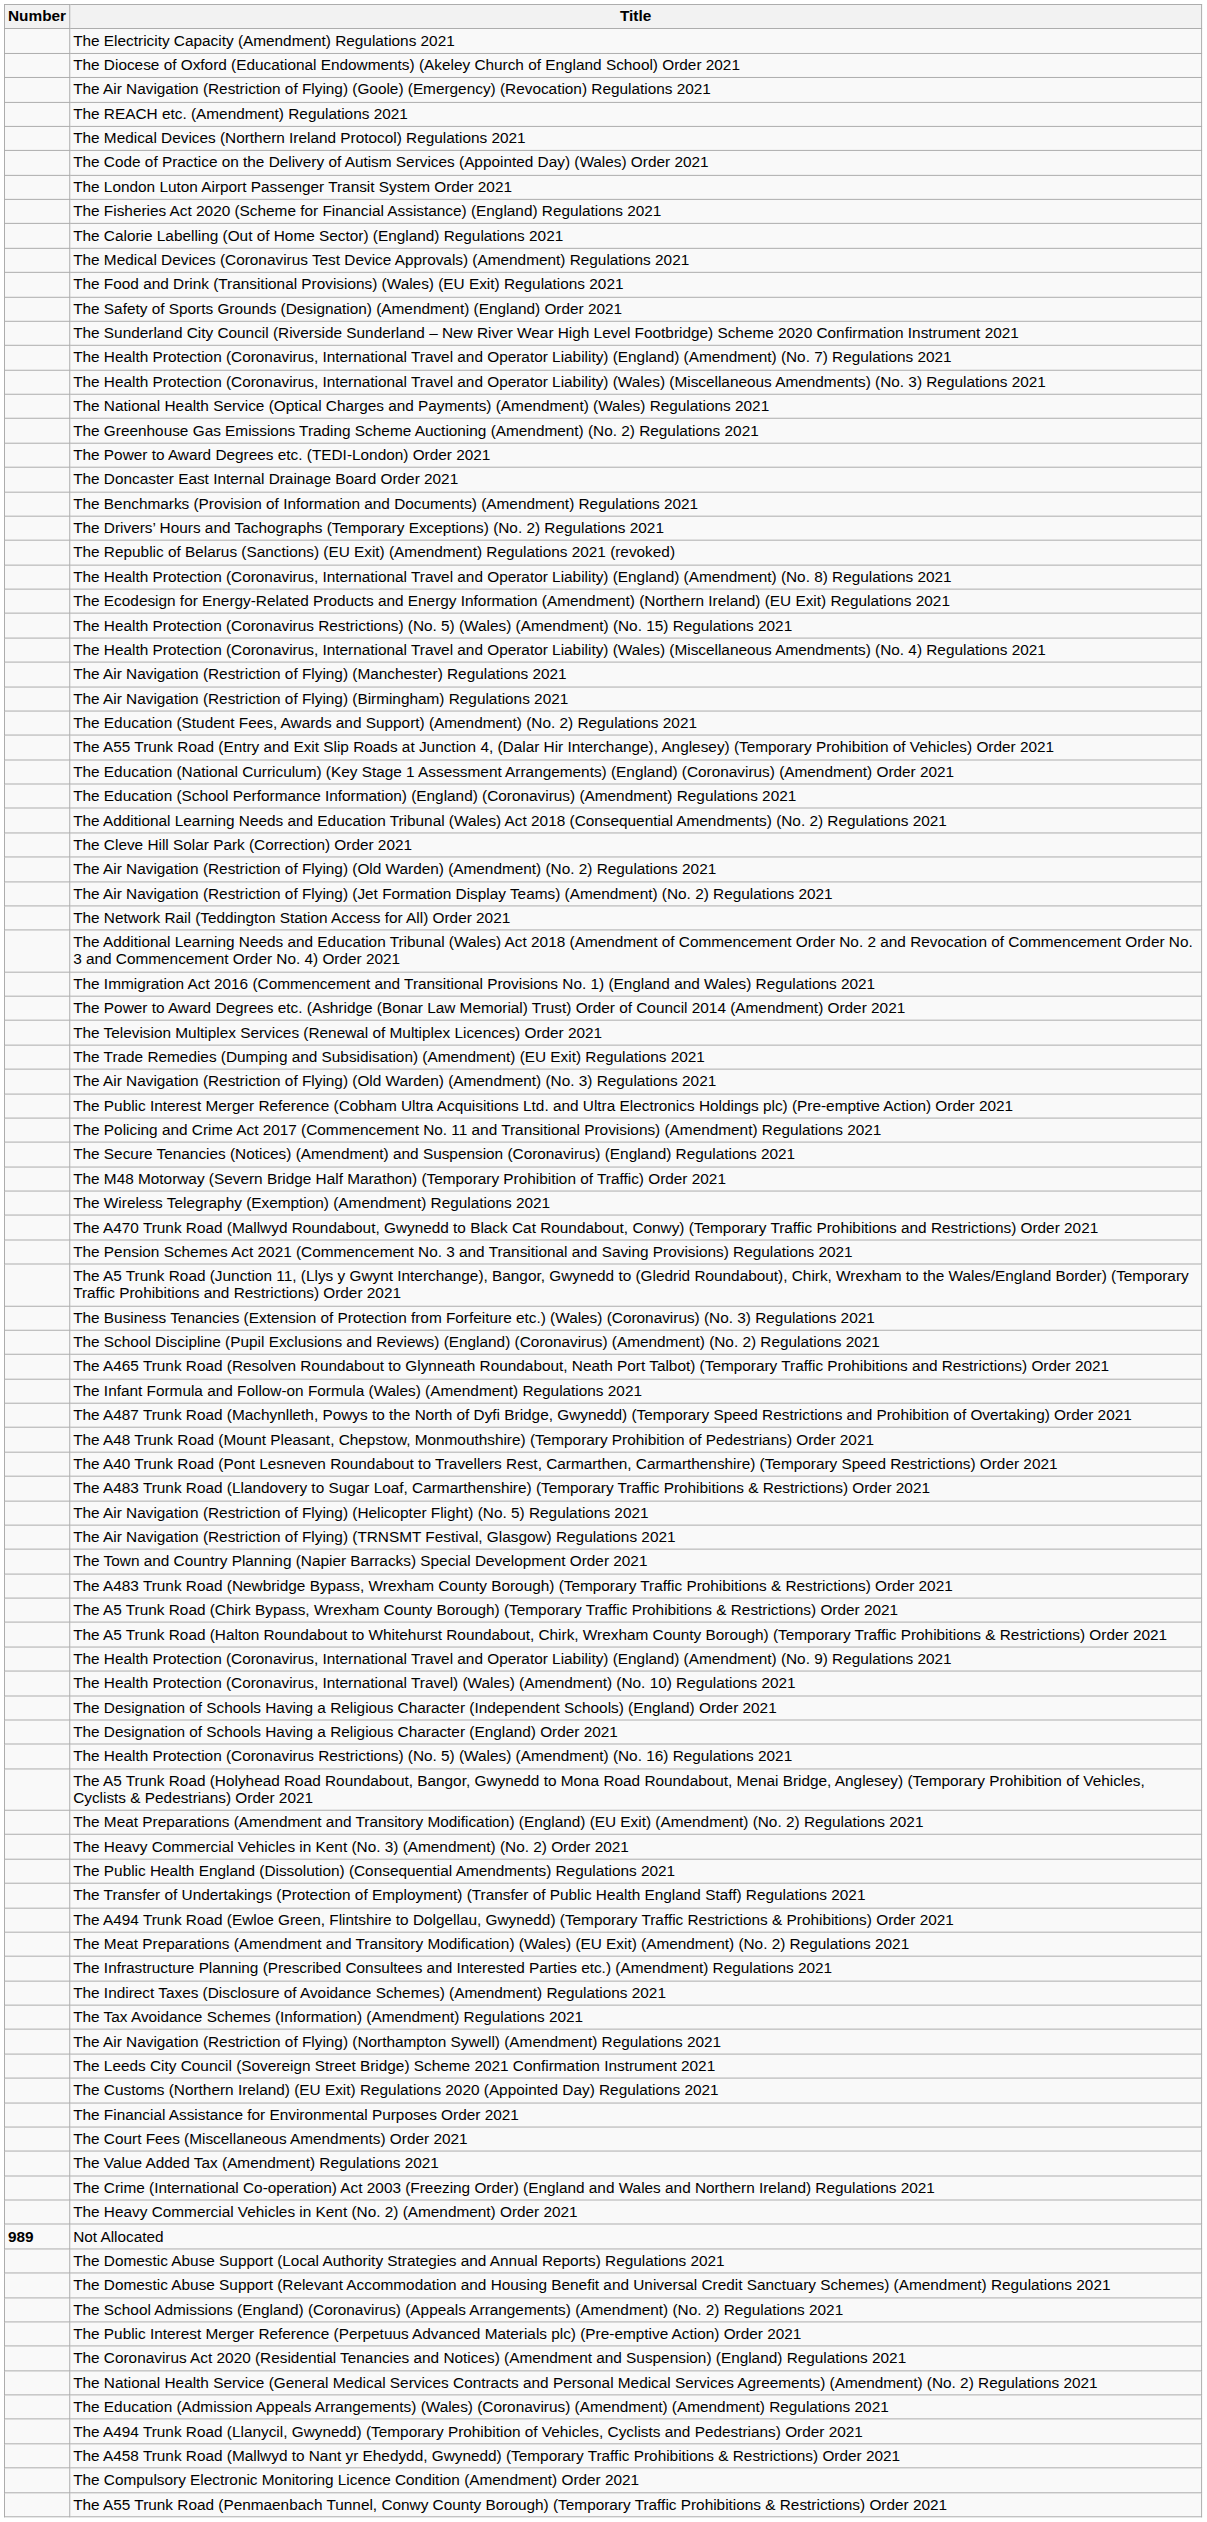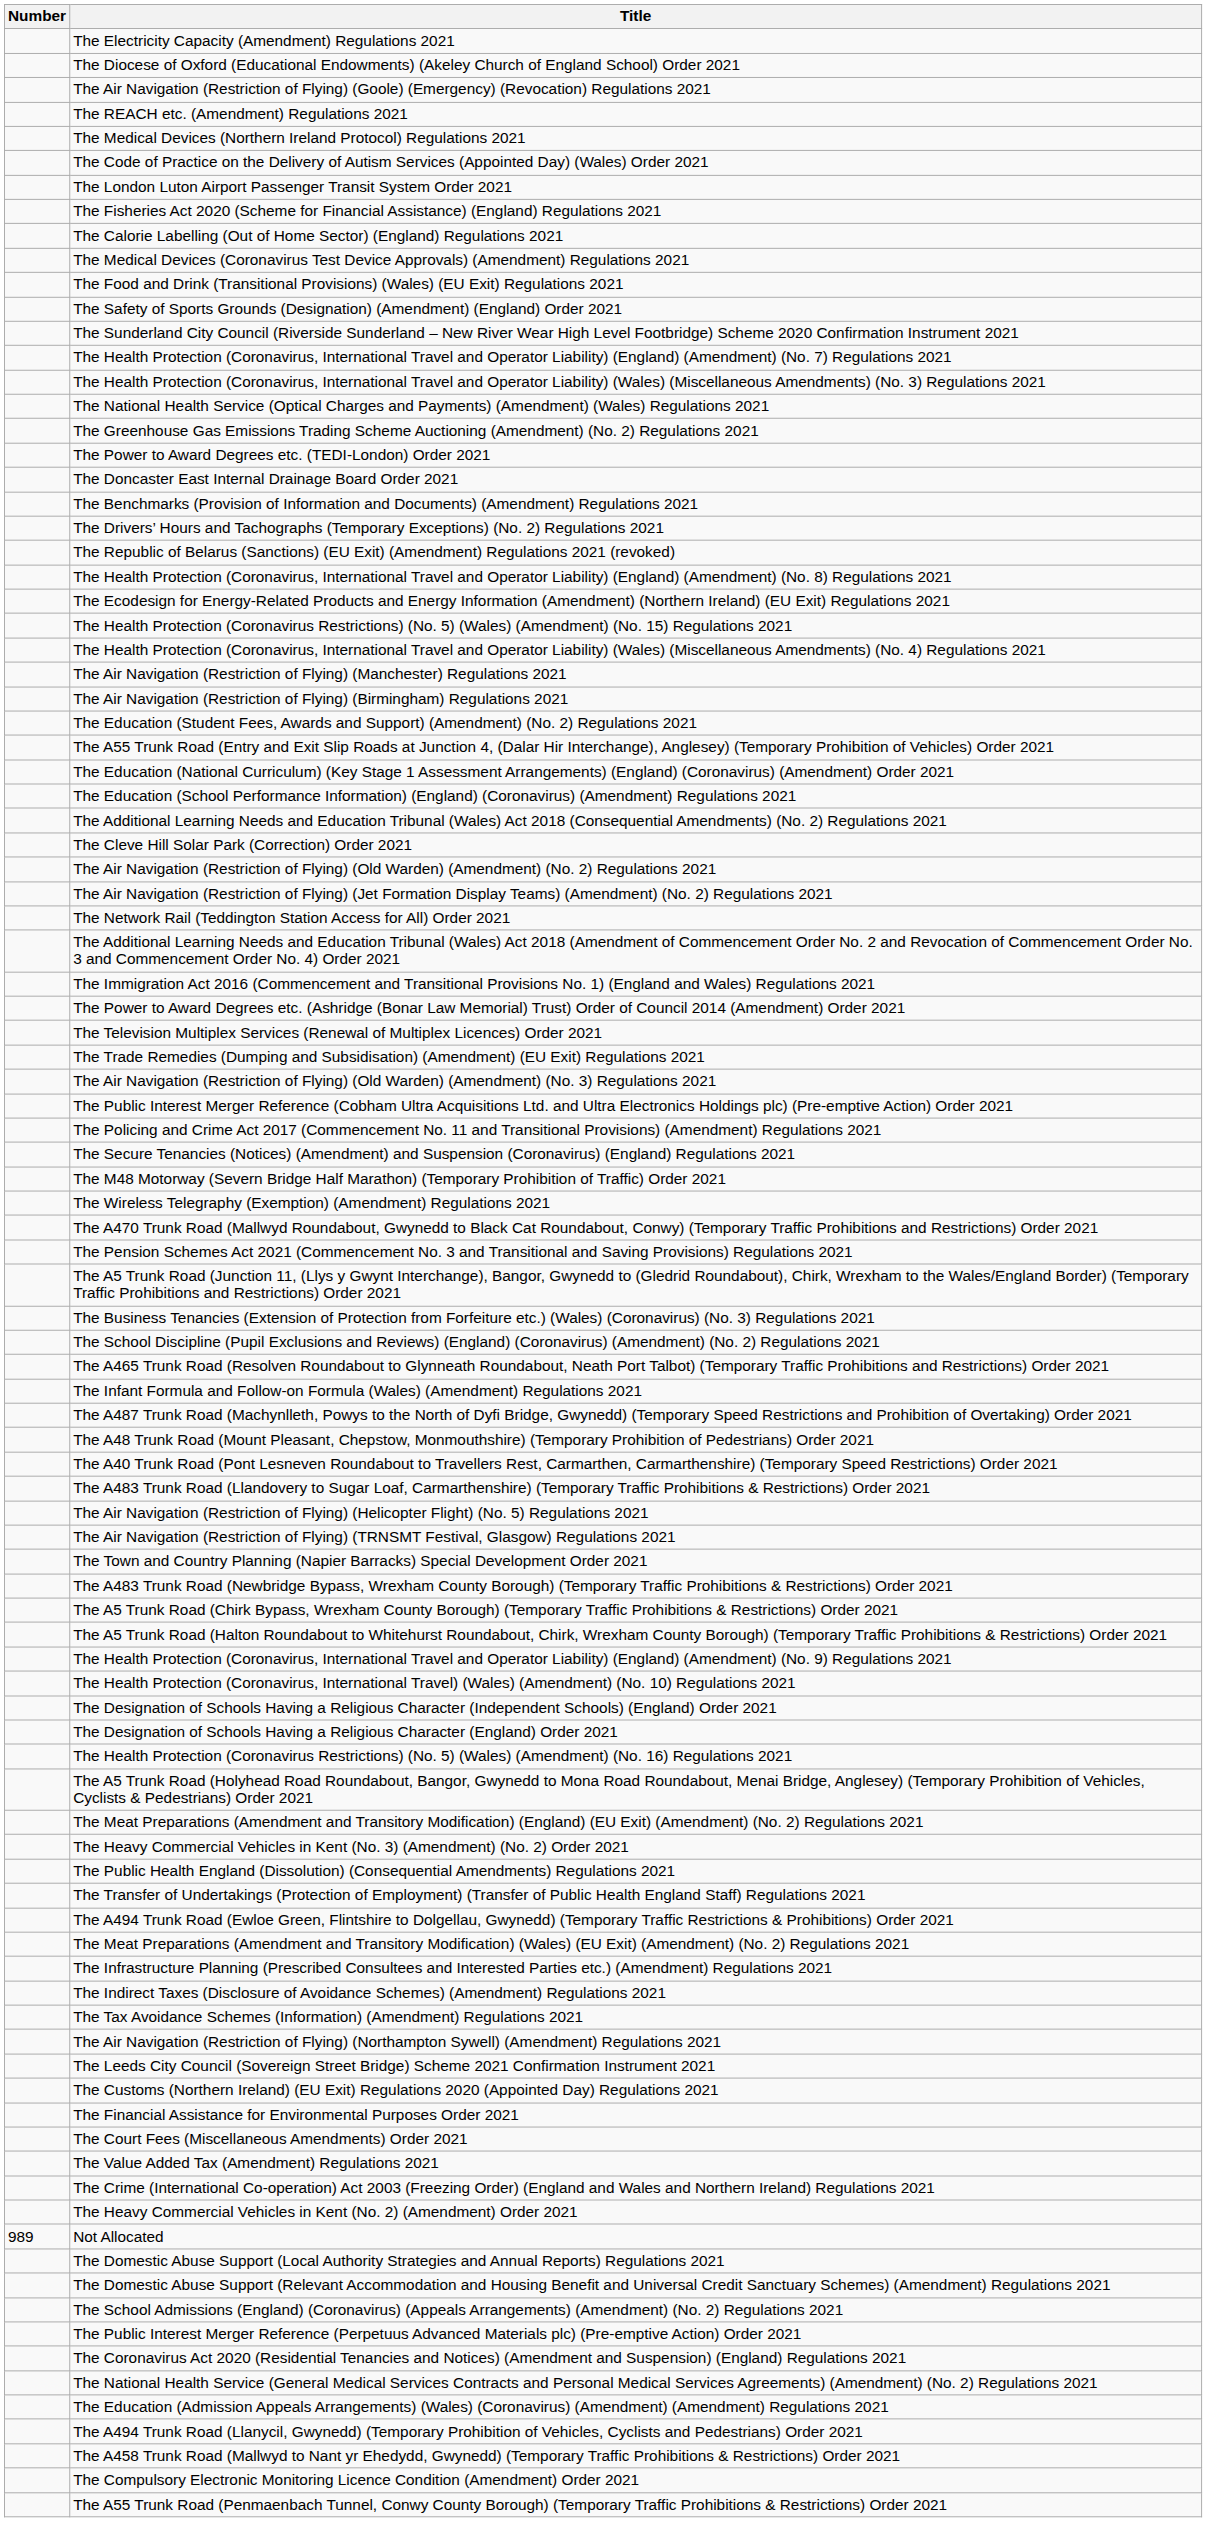 <table class="wikitable collapsible">
 <tr>
 <th>Number</th>
 <th>Title</th>
 </tr>
 <tr>
 <td></td>
 <td>The Electricity Capacity (Amendment) Regulations 2021</td>
 </tr>
 <tr>
 <td></td>
 <td>The Diocese of Oxford (Educational Endowments) (Akeley Church of England School) Order 2021</td>
 </tr>
 <tr>
 <td></td>
 <td>The Air Navigation (Restriction of Flying) (Goole) (Emergency) (Revocation) Regulations 2021</td>
 </tr>
 <tr>
 <td></td>
 <td>The REACH etc. (Amendment) Regulations 2021</td>
 </tr>
 <tr>
 <td></td>
 <td>The Medical Devices (Northern Ireland Protocol) Regulations 2021</td>
 </tr>
 <tr>
 <td></td>
 <td>The Code of Practice on the Delivery of Autism Services (Appointed Day) (Wales) Order 2021</td>
 </tr>
 <tr>
 <td></td>
 <td>The London Luton Airport Passenger Transit System Order 2021</td>
 </tr>
 <tr>
 <td></td>
 <td>The Fisheries Act 2020 (Scheme for Financial Assistance) (England) Regulations 2021</td>
 </tr>
 <tr>
 <td></td>
 <td>The Calorie Labelling (Out of Home Sector) (England) Regulations 2021</td>
 </tr>
 <tr>
 <td></td>
 <td>The Medical Devices (Coronavirus Test Device Approvals) (Amendment) Regulations 2021</td>
 </tr>
 <tr>
 <td></td>
 <td>The Food and Drink (Transitional Provisions) (Wales) (EU Exit) Regulations 2021</td>
 </tr>
 <tr>
 <td></td>
 <td>The Safety of Sports Grounds (Designation) (Amendment) (England) Order 2021</td>
 </tr>
 <tr>
 <td></td>
 <td>The Sunderland City Council (Riverside Sunderland – New River Wear High Level Footbridge) Scheme 2020 Confirmation Instrument 2021</td>
 </tr>
 <tr>
 <td></td>
 <td>The Health Protection (Coronavirus, International Travel and Operator Liability) (England) (Amendment) (No. 7) Regulations 2021</td>
 </tr>
 <tr>
 <td></td>
 <td>The Health Protection (Coronavirus, International Travel and Operator Liability) (Wales) (Miscellaneous Amendments) (No. 3) Regulations 2021</td>
 </tr>
 <tr>
 <td></td>
 <td>The National Health Service (Optical Charges and Payments) (Amendment) (Wales) Regulations 2021</td>
 </tr>
 <tr>
 <td></td>
 <td>The Greenhouse Gas Emissions Trading Scheme Auctioning (Amendment) (No. 2) Regulations 2021</td>
 </tr>
 <tr>
 <td></td>
 <td>The Power to Award Degrees etc. (TEDI-London) Order 2021</td>
 </tr>
 <tr>
 <td></td>
 <td>The Doncaster East Internal Drainage Board Order 2021</td>
 </tr>
 <tr>
 <td></td>
 <td>The Benchmarks (Provision of Information and Documents) (Amendment) Regulations 2021</td>
 </tr>
 <tr>
 <td></td>
 <td>The Drivers’ Hours and Tachographs (Temporary Exceptions) (No. 2) Regulations 2021</td>
 </tr>
 <tr>
 <td></td>
 <td>The Republic of Belarus (Sanctions) (EU Exit) (Amendment) Regulations 2021 (revoked)</td>
 </tr>
 <tr>
 <td></td>
 <td>The Health Protection (Coronavirus, International Travel and Operator Liability) (England) (Amendment) (No. 8) Regulations 2021</td>
 </tr>
 <tr>
 <td></td>
 <td>The Ecodesign for Energy-Related Products and Energy Information (Amendment) (Northern Ireland) (EU Exit) Regulations 2021</td>
 </tr>
 <tr>
 <td></td>
 <td>The Health Protection (Coronavirus Restrictions) (No. 5) (Wales) (Amendment) (No. 15) Regulations 2021</td>
 </tr>
 <tr>
 <td></td>
 <td>The Health Protection (Coronavirus, International Travel and Operator Liability) (Wales) (Miscellaneous Amendments) (No. 4) Regulations 2021</td>
 </tr>
 <tr>
 <td></td>
 <td>The Air Navigation (Restriction of Flying) (Manchester) Regulations 2021</td>
 </tr>
 <tr>
 <td></td>
 <td>The Air Navigation (Restriction of Flying) (Birmingham) Regulations 2021</td>
 </tr>
 <tr>
 <td></td>
 <td>The Education (Student Fees, Awards and Support) (Amendment) (No. 2) Regulations 2021</td>
 </tr>
 <tr>
 <td></td>
 <td>The A55 Trunk Road (Entry and Exit Slip Roads at Junction 4, (Dalar Hir Interchange), Anglesey) (Temporary Prohibition of Vehicles) Order 2021</td>
 </tr>
 <tr>
 <td></td>
 <td>The Education (National Curriculum) (Key Stage 1 Assessment Arrangements) (England) (Coronavirus) (Amendment) Order 2021</td>
 </tr>
 <tr>
 <td></td>
 <td>The Education (School Performance Information) (England) (Coronavirus) (Amendment) Regulations 2021</td>
 </tr>
 <tr>
 <td></td>
 <td>The Additional Learning Needs and Education Tribunal (Wales) Act 2018 (Consequential Amendments) (No. 2) Regulations 2021</td>
 </tr>
 <tr>
 <td></td>
 <td>The Cleve Hill Solar Park (Correction) Order 2021</td>
 </tr>
 <tr>
 <td></td>
 <td>The Air Navigation (Restriction of Flying) (Old Warden) (Amendment) (No. 2) Regulations 2021</td>
 </tr>
 <tr>
 <td></td>
 <td>The Air Navigation (Restriction of Flying) (Jet Formation Display Teams) (Amendment) (No. 2) Regulations 2021</td>
 </tr>
 <tr>
 <td></td>
 <td>The Network Rail (Teddington Station Access for All) Order 2021</td>
 </tr>
 <tr>
 <td></td>
 <td>The Additional Learning Needs and Education Tribunal (Wales) Act 2018 (Amendment of Commencement Order No. 2 and Revocation of Commencement Order No. 3 and Commencement Order No. 4) Order 2021</td>
 </tr>
 <tr>
 <td></td>
 <td>The Immigration Act 2016 (Commencement and Transitional Provisions No. 1) (England and Wales) Regulations 2021</td>
 </tr>
 <tr>
 <td></td>
 <td>The Power to Award Degrees etc. (Ashridge (Bonar Law Memorial) Trust) Order of Council 2014 (Amendment) Order 2021</td>
 </tr>
 <tr>
 <td></td>
 <td>The Television Multiplex Services (Renewal of Multiplex Licences) Order 2021</td>
 </tr>
 <tr>
 <td></td>
 <td>The Trade Remedies (Dumping and Subsidisation) (Amendment) (EU Exit) Regulations 2021</td>
 </tr>
 <tr>
 <td></td>
 <td>The Air Navigation (Restriction of Flying) (Old Warden) (Amendment) (No. 3) Regulations 2021</td>
 </tr>
 <tr>
 <td></td>
 <td>The Public Interest Merger Reference (Cobham Ultra Acquisitions Ltd. and Ultra Electronics Holdings plc) (Pre-emptive Action) Order 2021</td>
 </tr>
 <tr>
 <td></td>
 <td>The Policing and Crime Act 2017 (Commencement No. 11 and Transitional Provisions) (Amendment) Regulations 2021</td>
 </tr>
 <tr>
 <td></td>
 <td>The Secure Tenancies (Notices) (Amendment) and Suspension (Coronavirus) (England) Regulations 2021</td>
 </tr>
 <tr>
 <td></td>
 <td>The M48 Motorway (Severn Bridge Half Marathon) (Temporary Prohibition of Traffic) Order 2021</td>
 </tr>
 <tr>
 <td></td>
 <td>The Wireless Telegraphy (Exemption) (Amendment) Regulations 2021</td>
 </tr>
 <tr>
 <td></td>
 <td>The A470 Trunk Road (Mallwyd Roundabout, Gwynedd to Black Cat Roundabout, Conwy) (Temporary Traffic Prohibitions and Restrictions) Order 2021</td>
 </tr>
 <tr>
 <td></td>
 <td>The Pension Schemes Act 2021 (Commencement No. 3 and Transitional and Saving Provisions) Regulations 2021</td>
 </tr>
 <tr>
 <td></td>
 <td>The A5 Trunk Road (Junction 11, (Llys y Gwynt Interchange), Bangor, Gwynedd to (Gledrid Roundabout), Chirk, Wrexham to the Wales/England Border) (Temporary Traffic Prohibitions and Restrictions) Order 2021</td>
 </tr>
 <tr>
 <td></td>
 <td>The Business Tenancies (Extension of Protection from Forfeiture etc.) (Wales) (Coronavirus) (No. 3) Regulations 2021</td>
 </tr>
 <tr>
 <td></td>
 <td>The School Discipline (Pupil Exclusions and Reviews) (England) (Coronavirus) (Amendment) (No. 2) Regulations 2021</td>
 </tr>
 <tr>
 <td></td>
 <td>The A465 Trunk Road (Resolven Roundabout to Glynneath Roundabout, Neath Port Talbot) (Temporary Traffic Prohibitions and Restrictions) Order 2021</td>
 </tr>
 <tr>
 <td></td>
 <td>The Infant Formula and Follow-on Formula (Wales) (Amendment) Regulations 2021</td>
 </tr>
 <tr>
 <td></td>
 <td>The A487 Trunk Road (Machynlleth, Powys to the North of Dyfi Bridge, Gwynedd) (Temporary Speed Restrictions and Prohibition of Overtaking) Order 2021</td>
 </tr>
 <tr>
 <td></td>
 <td>The A48 Trunk Road (Mount Pleasant, Chepstow, Monmouthshire) (Temporary Prohibition of Pedestrians) Order 2021</td>
 </tr>
 <tr>
 <td></td>
 <td>The A40 Trunk Road (Pont Lesneven Roundabout to Travellers Rest, Carmarthen, Carmarthenshire) (Temporary Speed Restrictions) Order 2021</td>
 </tr>
 <tr>
 <td></td>
 <td>The A483 Trunk Road (Llandovery to Sugar Loaf, Carmarthenshire) (Temporary Traffic Prohibitions & Restrictions) Order 2021</td>
 </tr>
 <tr>
 <td></td>
 <td>The Air Navigation (Restriction of Flying) (Helicopter Flight) (No. 5) Regulations 2021</td>
 </tr>
 <tr>
 <td></td>
 <td>The Air Navigation (Restriction of Flying) (TRNSMT Festival, Glasgow) Regulations 2021</td>
 </tr>
 <tr>
 <td></td>
 <td>The Town and Country Planning (Napier Barracks) Special Development Order 2021</td>
 </tr>
 <tr>
 <td></td>
 <td>The A483 Trunk Road (Newbridge Bypass, Wrexham County Borough) (Temporary Traffic Prohibitions & Restrictions) Order 2021</td>
 </tr>
 <tr>
 <td></td>
 <td>The A5 Trunk Road (Chirk Bypass, Wrexham County Borough) (Temporary Traffic Prohibitions & Restrictions) Order 2021</td>
 </tr>
 <tr>
 <td></td>
 <td>The A5 Trunk Road (Halton Roundabout to Whitehurst Roundabout, Chirk, Wrexham County Borough) (Temporary Traffic Prohibitions & Restrictions) Order 2021</td>
 </tr>
 <tr>
 <td></td>
 <td>The Health Protection (Coronavirus, International Travel and Operator Liability) (England) (Amendment) (No. 9) Regulations 2021</td>
 </tr>
 <tr>
 <td></td>
 <td>The Health Protection (Coronavirus, International Travel) (Wales) (Amendment) (No. 10) Regulations 2021</td>
 </tr>
 <tr>
 <td></td>
 <td>The Designation of Schools Having a Religious Character (Independent Schools) (England) Order 2021</td>
 </tr>
 <tr>
 <td></td>
 <td>The Designation of Schools Having a Religious Character (England) Order 2021</td>
 </tr>
 <tr>
 <td></td>
 <td>The Health Protection (Coronavirus Restrictions) (No. 5) (Wales) (Amendment) (No. 16) Regulations 2021</td>
 </tr>
 <tr>
 <td></td>
 <td>The A5 Trunk Road (Holyhead Road Roundabout, Bangor, Gwynedd to Mona Road Roundabout, Menai Bridge, Anglesey) (Temporary Prohibition of Vehicles, Cyclists & Pedestrians) Order 2021</td>
 </tr>
 <tr>
 <td></td>
 <td>The Meat Preparations (Amendment and Transitory Modification) (England) (EU Exit) (Amendment) (No. 2) Regulations 2021</td>
 </tr>
 <tr>
 <td></td>
 <td>The Heavy Commercial Vehicles in Kent (No. 3) (Amendment) (No. 2) Order 2021</td>
 </tr>
 <tr>
 <td></td>
 <td>The Public Health England (Dissolution) (Consequential Amendments) Regulations 2021</td>
 </tr>
 <tr>
 <td></td>
 <td>The Transfer of Undertakings (Protection of Employment) (Transfer of Public Health England Staff) Regulations 2021</td>
 </tr>
 <tr>
 <td></td>
 <td>The A494 Trunk Road (Ewloe Green, Flintshire to Dolgellau, Gwynedd) (Temporary Traffic Restrictions & Prohibitions) Order 2021</td>
 </tr>
 <tr>
 <td></td>
 <td>The Meat Preparations (Amendment and Transitory Modification) (Wales) (EU Exit) (Amendment) (No. 2) Regulations 2021</td>
 </tr>
 <tr>
 <td></td>
 <td>The Infrastructure Planning (Prescribed Consultees and Interested Parties etc.) (Amendment) Regulations 2021</td>
 </tr>
 <tr>
 <td></td>
 <td>The Indirect Taxes (Disclosure of Avoidance Schemes) (Amendment) Regulations 2021</td>
 </tr>
 <tr>
 <td></td>
 <td>The Tax Avoidance Schemes (Information) (Amendment) Regulations 2021</td>
 </tr>
 <tr>
 <td></td>
 <td>The Air Navigation (Restriction of Flying) (Northampton Sywell) (Amendment) Regulations 2021</td>
 </tr>
 <tr>
 <td></td>
 <td>The Leeds City Council (Sovereign Street Bridge) Scheme 2021 Confirmation Instrument 2021</td>
 </tr>
 <tr>
 <td></td>
 <td>The Customs (Northern Ireland) (EU Exit) Regulations 2020 (Appointed Day) Regulations 2021</td>
 </tr>
 <tr>
 <td></td>
 <td>The Financial Assistance for Environmental Purposes Order 2021</td>
 </tr>
 <tr>
 <td></td>
 <td>The Court Fees (Miscellaneous Amendments) Order 2021</td>
 </tr>
 <tr>
 <td></td>
 <td>The Value Added Tax (Amendment) Regulations 2021</td>
 </tr>
 <tr>
 <td></td>
 <td>The Crime (International Co-operation) Act 2003 (Freezing Order) (England and Wales and Northern Ireland) Regulations 2021</td>
 </tr>
 <tr>
 <td></td>
 <td>The Heavy Commercial Vehicles in Kent (No. 2) (Amendment) Order 2021</td>
 </tr>
 <tr>
-<td><strong>989</strong></td>
+<td>989</td>
 <td>Not Allocated</td>
 </tr>
 <tr>
 <td></td>
 <td>The Domestic Abuse Support (Local Authority Strategies and Annual Reports) Regulations 2021</td>
 </tr>
 <tr>
 <td></td>
 <td>The Domestic Abuse Support (Relevant Accommodation and Housing Benefit and Universal Credit Sanctuary Schemes) (Amendment) Regulations 2021</td>
 </tr>
 <tr>
 <td></td>
 <td>The School Admissions (England) (Coronavirus) (Appeals Arrangements) (Amendment) (No. 2) Regulations 2021</td>
 </tr>
 <tr>
 <td></td>
 <td>The Public Interest Merger Reference (Perpetuus Advanced Materials plc) (Pre-emptive Action) Order 2021</td>
 </tr>
 <tr>
 <td></td>
 <td>The Coronavirus Act 2020 (Residential Tenancies and Notices) (Amendment and Suspension) (England) Regulations 2021</td>
 </tr>
 <tr>
 <td></td>
 <td>The National Health Service (General Medical Services Contracts and Personal Medical Services Agreements) (Amendment) (No. 2) Regulations 2021</td>
 </tr>
 <tr>
 <td></td>
 <td>The Education (Admission Appeals Arrangements) (Wales) (Coronavirus) (Amendment) (Amendment) Regulations 2021</td>
 </tr>
 <tr>
 <td></td>
 <td>The A494 Trunk Road (Llanycil, Gwynedd) (Temporary Prohibition of Vehicles, Cyclists and Pedestrians) Order 2021</td>
 </tr>
 <tr>
 <td></td>
 <td>The A458 Trunk Road (Mallwyd to Nant yr Ehedydd, Gwynedd) (Temporary Traffic Prohibitions & Restrictions) Order 2021</td>
 </tr>
 <tr>
 <td></td>
 <td>The Compulsory Electronic Monitoring Licence Condition (Amendment) Order 2021</td>
 </tr>
 <tr>
 <td></td>
 <td>The A55 Trunk Road (Penmaenbach Tunnel, Conwy County Borough) (Temporary Traffic Prohibitions & Restrictions) Order 2021</td>
 </tr>
 </table>
